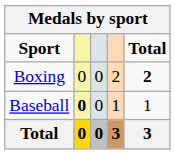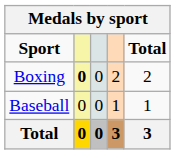 <table class="wikitable" style="font-size:85%; float:right;">
 <tr style="background:#efefef;">
 <th colspan=7><strong>Medals by sport</strong></th>
 </tr>
 <tr align=center>
 <td><strong>Sport</strong></td>
 <td style="background:#f7f6a8;"></td>
 <td style="background:#dce5e5;"></td>
 <td style="background:#ffdab9;"></td>
 <td><strong>Total</strong></td>
 </tr>
 <tr align=center>
 <td><a href='#'>Boxing</a></td>
-<td style="background:#f7f6a8;">0</td>
+<td style="background:#f7f6a8;"><strong>0</strong></td>
 <td style="background:#dce5e5;">0</td>
 <td style="background:#ffdab9;">2</td>
-<td><strong>2</strong></td>
+<td>2</td>
 </tr>
 <tr align=center>
 <td><a href='#'>Baseball</a></td>
-<td style="background:#f7f6a8;"><strong>0</strong></td>
+<td style="background:#f7f6a8;">0</td>
 <td style="background:#dce5e5;">0</td>
 <td style="background:#ffdab9;">1</td>
 <td>1</td>
 </tr>
 <tr align=center>
 <th><strong>Total</strong></th>
 <th style="background:gold;"><strong>0</strong></th>
 <th style="background:silver;"><strong>0</strong></th>
 <th style="background:#c96;"><strong>3</strong></th>
 <th><strong>3</strong></th>
 </tr>
 </table>
